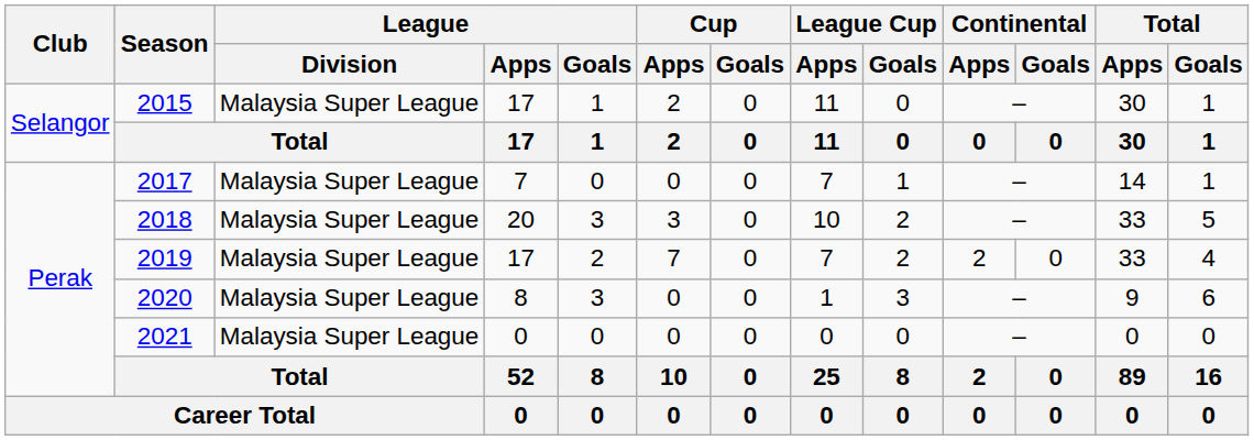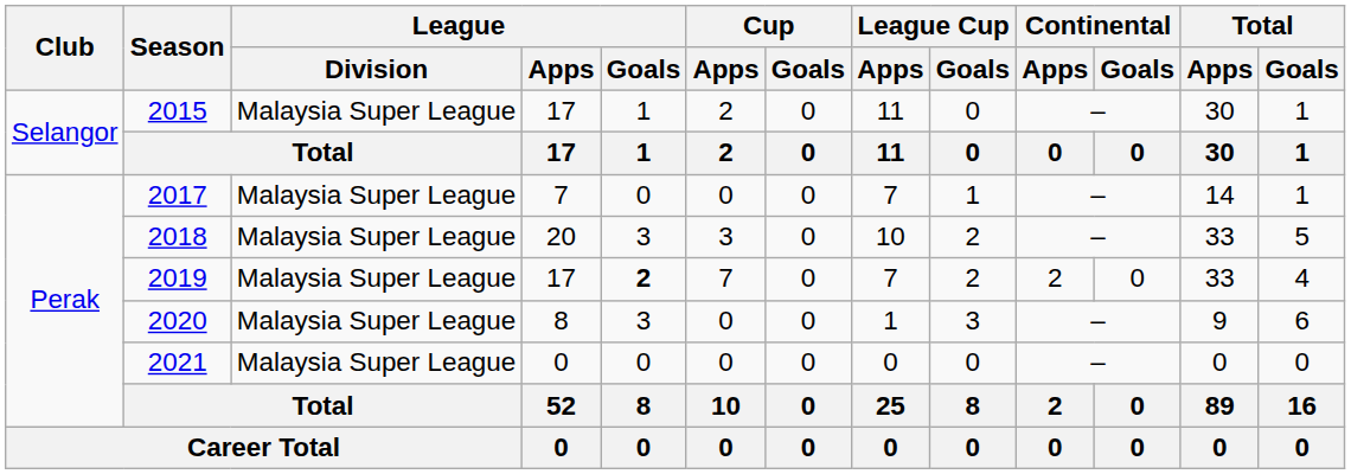 <table class=wikitable style="text-align:center">
 <tr>
 <th rowspan=2>Club</th>
 <th rowspan=2>Season</th>
 <th colspan=3>League</th>
 <th colspan=2>Cup</th>
 <th colspan=2>League Cup</th>
 <th colspan=2>Continental</th>
 <th colspan=2>Total</th>
 </tr>
 <tr>
 <th>Division</th>
 <th>Apps</th>
 <th>Goals</th>
 <th>Apps</th>
 <th>Goals</th>
 <th>Apps</th>
 <th>Goals</th>
 <th>Apps</th>
 <th>Goals</th>
 <th>Apps</th>
 <th>Goals</th>
 </tr>
 <tr>
 <td rowspan=2><a href='#'>Selangor</a></td>
 <td><a href='#'>2015</a></td>
 <td>Malaysia Super League</td>
 <td>17</td>
 <td>1</td>
 <td>2</td>
 <td>0</td>
 <td>11</td>
 <td>0</td>
 <td colspan=2>–</td>
 <td>30</td>
 <td>1</td>
 </tr>
 <tr>
 <th colspan="2">Total</th>
 <th>17</th>
 <th>1</th>
 <th>2</th>
 <th>0</th>
 <th>11</th>
 <th>0</th>
 <th>0</th>
 <th>0</th>
 <th>30</th>
 <th>1</th>
 </tr>
 <tr>
 <td rowspan=6><a href='#'>Perak</a></td>
 <td><a href='#'>2017</a></td>
 <td>Malaysia Super League</td>
 <td>7</td>
 <td>0</td>
 <td>0</td>
 <td>0</td>
 <td>7</td>
 <td>1</td>
 <td colspan=2>–</td>
 <td>14</td>
 <td>1</td>
 </tr>
 <tr>
 <td><a href='#'>2018</a></td>
 <td>Malaysia Super League</td>
 <td>20</td>
 <td>3</td>
 <td>3</td>
 <td>0</td>
 <td>10</td>
 <td>2</td>
 <td colspan=2>–</td>
 <td>33</td>
 <td>5</td>
 </tr>
 <tr>
 <td><a href='#'>2019</a></td>
 <td>Malaysia Super League</td>
 <td>17</td>
-<td>2</td>
+<td><strong>2</strong></td>
 <td>7</td>
 <td>0</td>
 <td>7</td>
 <td>2</td>
 <td>2</td>
 <td>0</td>
 <td>33</td>
 <td>4</td>
 </tr>
 <tr>
 <td><a href='#'>2020</a></td>
 <td>Malaysia Super League</td>
 <td>8</td>
 <td>3</td>
 <td>0</td>
 <td>0</td>
 <td>1</td>
 <td>3</td>
 <td colspan=2>–</td>
 <td>9</td>
 <td>6</td>
 </tr>
 <tr>
 <td><a href='#'>2021</a></td>
 <td>Malaysia Super League</td>
 <td>0</td>
 <td>0</td>
 <td>0</td>
 <td>0</td>
 <td>0</td>
 <td>0</td>
 <td colspan=2>–</td>
 <td>0</td>
 <td>0</td>
 </tr>
 <tr>
 <th colspan="2">Total</th>
 <th>52</th>
 <th>8</th>
 <th>10</th>
 <th>0</th>
 <th>25</th>
 <th>8</th>
 <th>2</th>
 <th>0</th>
 <th>89</th>
 <th>16</th>
 </tr>
 <tr>
 <th colspan="3">Career Total</th>
 <th>0</th>
 <th>0</th>
 <th>0</th>
 <th>0</th>
 <th>0</th>
 <th>0</th>
 <th>0</th>
 <th>0</th>
 <th>0</th>
 <th>0</th>
 </tr>
 </table>
